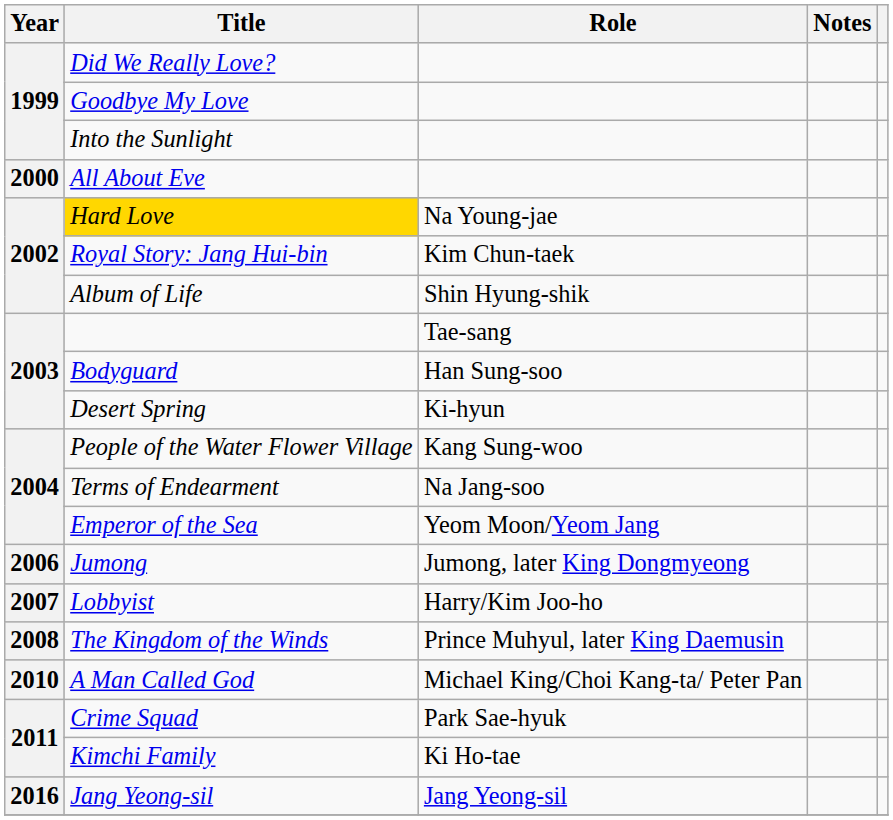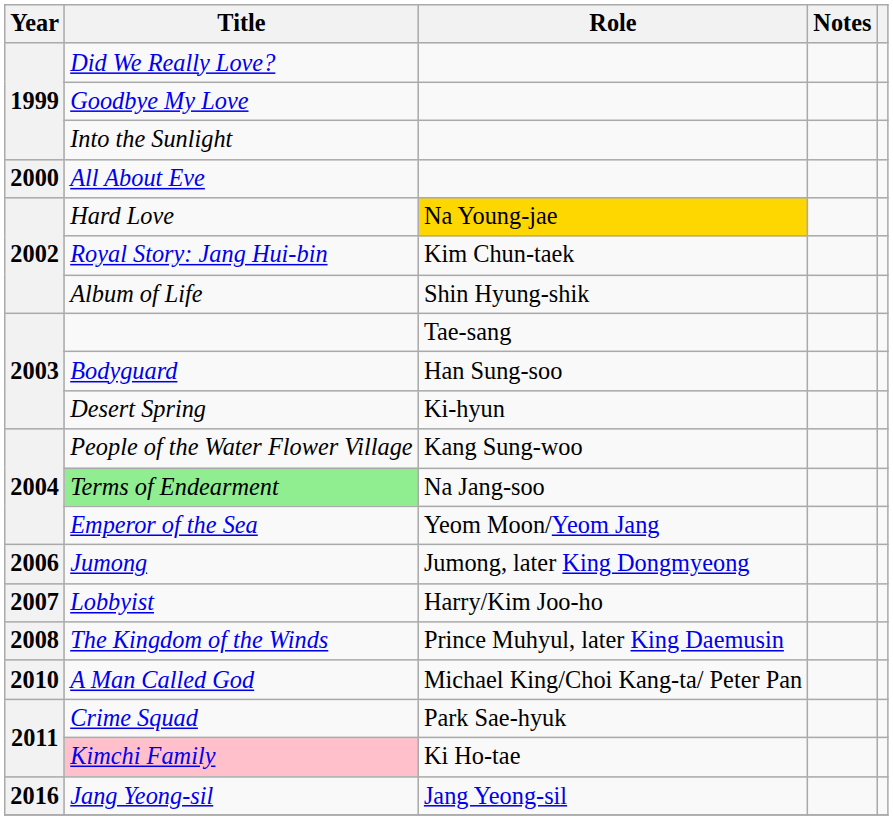 <table class="wikitable plainrowheaders sortable">
 <tr>
 <th scope="col">Year</th>
 <th scope="col">Title</th>
 <th scope="col">Role</th>
 <th scope="col" class="unsortable">Notes</th>
 <th scope="col" class="unsortable"></th>
 </tr>
 <tr>
 <th scope="row" rowspan=3>1999</th>
 <td><em><a href='#'>Did We Really Love?</a></em></td>
 <td></td>
 <td></td>
 <td></td>
 </tr>
 <tr>
 <td><em><a href='#'>Goodbye My Love</a></em></td>
 <td></td>
 <td></td>
 <td></td>
 </tr>
 <tr>
 <td><em>Into the Sunlight</em></td>
 <td></td>
 <td></td>
 <td></td>
 </tr>
 <tr>
 <th scope="row">2000</th>
 <td><em><a href='#'>All About Eve</a></em></td>
 <td></td>
 <td></td>
 <td></td>
 </tr>
 <tr>
 <th scope="row" rowspan=3>2002</th>
-<td style="background: gold;"><em>Hard Love</em></td>
-<td>Na Young-jae</td>
+<td><em>Hard Love</em></td>
+<td style="background: gold;">Na Young-jae</td>
 <td></td>
 <td></td>
 </tr>
 <tr>
 <td><em><a href='#'>Royal Story: Jang Hui-bin</a></em></td>
 <td>Kim Chun-taek</td>
 <td></td>
 <td></td>
 </tr>
 <tr>
 <td><em>Album of Life</em></td>
 <td>Shin Hyung-shik</td>
 <td></td>
 <td></td>
 </tr>
 <tr>
 <th scope="row" rowspan=3>2003</th>
 <td><em></em></td>
 <td>Tae-sang</td>
 <td></td>
 <td></td>
 </tr>
 <tr>
 <td><em><a href='#'>Bodyguard</a></em></td>
 <td>Han Sung-soo</td>
 <td></td>
 <td></td>
 </tr>
 <tr>
 <td><em>Desert Spring</em></td>
 <td>Ki-hyun</td>
 <td></td>
 <td></td>
 </tr>
 <tr>
 <th scope="row" rowspan=3>2004</th>
 <td><em>People of the Water Flower Village</em></td>
 <td>Kang Sung-woo</td>
 <td></td>
 <td></td>
 </tr>
 <tr>
-<td><em>Terms of Endearment</em></td>
+<td style="background: lightgreen;"><em>Terms of Endearment</em></td>
 <td>Na Jang-soo</td>
 <td></td>
 <td></td>
 </tr>
 <tr>
 <td><em><a href='#'>Emperor of the Sea</a></em></td>
 <td>Yeom Moon/<a href='#'>Yeom Jang</a></td>
 <td></td>
 <td></td>
 </tr>
 <tr>
 <th scope="row">2006</th>
 <td><em><a href='#'>Jumong</a></em></td>
 <td>Jumong, later <a href='#'>King Dongmyeong</a></td>
 <td></td>
 <td></td>
 </tr>
 <tr>
 <th scope="row">2007</th>
 <td><em><a href='#'>Lobbyist</a></em></td>
 <td>Harry/Kim Joo-ho</td>
 <td></td>
 <td></td>
 </tr>
 <tr>
 <th scope="row">2008</th>
 <td><em><a href='#'>The Kingdom of the Winds</a></em></td>
 <td>Prince Muhyul, later <a href='#'>King Daemusin</a></td>
 <td></td>
 <td></td>
 </tr>
 <tr>
 <th scope="row">2010</th>
 <td><em><a href='#'>A Man Called God</a></em></td>
 <td>Michael King/Choi Kang-ta/ Peter Pan</td>
 <td></td>
 <td></td>
 </tr>
 <tr>
 <th scope="row" rowspan=2>2011</th>
 <td><em><a href='#'>Crime Squad</a></em></td>
 <td>Park Sae-hyuk</td>
 <td></td>
 <td></td>
 </tr>
 <tr>
-<td><em><a href='#'>Kimchi Family</a></em></td>
+<td style="background: pink;"><em><a href='#'>Kimchi Family</a></em></td>
 <td>Ki Ho-tae</td>
 <td></td>
 <td></td>
 </tr>
 <tr>
 <th scope="row">2016</th>
 <td><em><a href='#'>Jang Yeong-sil</a></em></td>
 <td><a href='#'>Jang Yeong-sil</a></td>
 <td></td>
 <td></td>
 </tr>
 <tr>
 </tr>
 </table>
